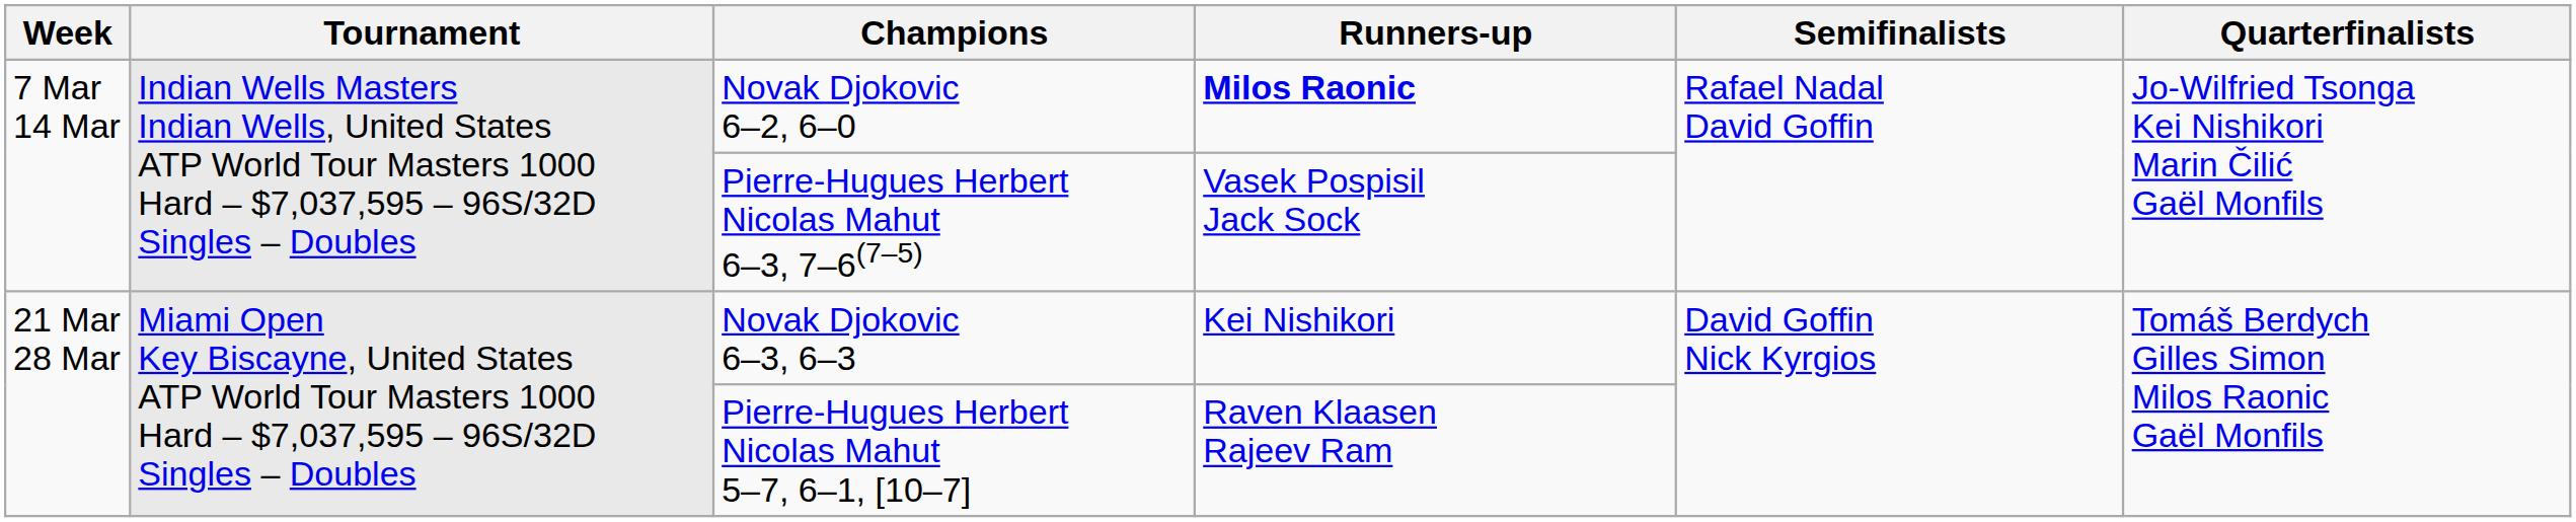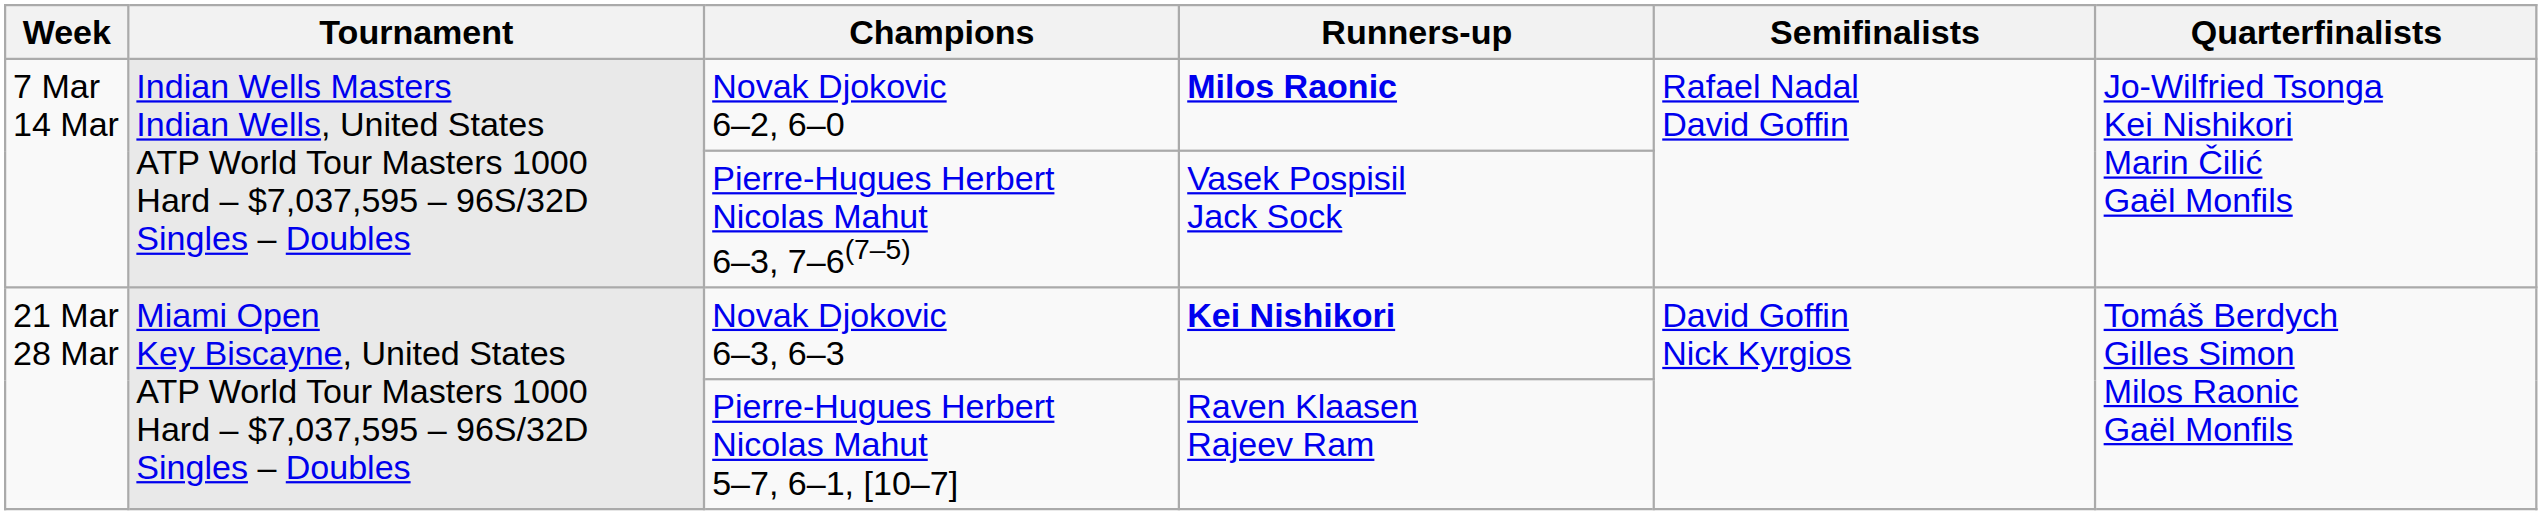 <table class=wikitable style=font-size:95%>
 <tr>
 <th style="width:48px;">Week</th>
 <th style="width:250px;">Tournament</th>
 <th style="width:205px;">Champions</th>
 <th style="width:205px;">Runners-up</th>
 <th style="width:190px;">Semifinalists</th>
 <th style="width:190px;">Quarterfinalists</th>
 </tr>
 <tr valign=top>
 <td rowspan=2>7 Mar<br>14 Mar</td>
 <td style="background:#e9e9e9;" rowspan=2><a href='#'>Indian Wells Masters</a><br> <a href='#'>Indian Wells</a>, United States<br>ATP World Tour Masters 1000<br> Hard – $7,037,595 – 96S/32D<br><a href='#'>Singles</a> – <a href='#'>Doubles</a></td>
 <td> <a href='#'>Novak Djokovic</a><br>6–2, 6–0</td>
 <td><strong> <a href='#'>Milos Raonic</a></strong></td>
 <td rowspan=2> <a href='#'>Rafael Nadal</a><br> <a href='#'>David Goffin</a></td>
 <td rowspan=2> <a href='#'>Jo-Wilfried Tsonga</a><br> <a href='#'>Kei Nishikori</a><br>  <a href='#'>Marin Čilić</a><br> <a href='#'>Gaël Monfils</a></td>
 </tr>
 <tr valign=top>
 <td> <a href='#'>Pierre-Hugues Herbert</a><br> <a href='#'>Nicolas Mahut</a><br>6–3, 7–6<sup>(7–5)</sup></td>
 <td> <a href='#'>Vasek Pospisil</a><br> <a href='#'>Jack Sock</a></td>
 </tr>
 <tr valign=top>
 <td rowspan=2>21 Mar<br>28 Mar</td>
 <td style="background:#e9e9e9;" rowspan=2><a href='#'>Miami Open</a><br> <a href='#'>Key Biscayne</a>, United States<br>ATP World Tour Masters 1000<br> Hard – $7,037,595 – 96S/32D<br><a href='#'>Singles</a> – <a href='#'>Doubles</a></td>
 <td> <a href='#'>Novak Djokovic</a><br>6–3, 6–3</td>
-<td> <a href='#'>Kei Nishikori</a></td>
+<td><strong> <a href='#'>Kei Nishikori</a></strong></td>
 <td rowspan=2> <a href='#'>David Goffin</a> <br>  <a href='#'>Nick Kyrgios</a></td>
 <td rowspan=2> <a href='#'>Tomáš Berdych</a><br>  <a href='#'>Gilles Simon</a><br>  <a href='#'>Milos Raonic</a>  <br>  <a href='#'>Gaël Monfils</a></td>
 </tr>
 <tr valign=top>
 <td> <a href='#'>Pierre-Hugues Herbert</a><br> <a href='#'>Nicolas Mahut</a><br>5–7, 6–1, [10–7]</td>
 <td> <a href='#'>Raven Klaasen</a><br> <a href='#'>Rajeev Ram</a></td>
 </tr>
 </table>
